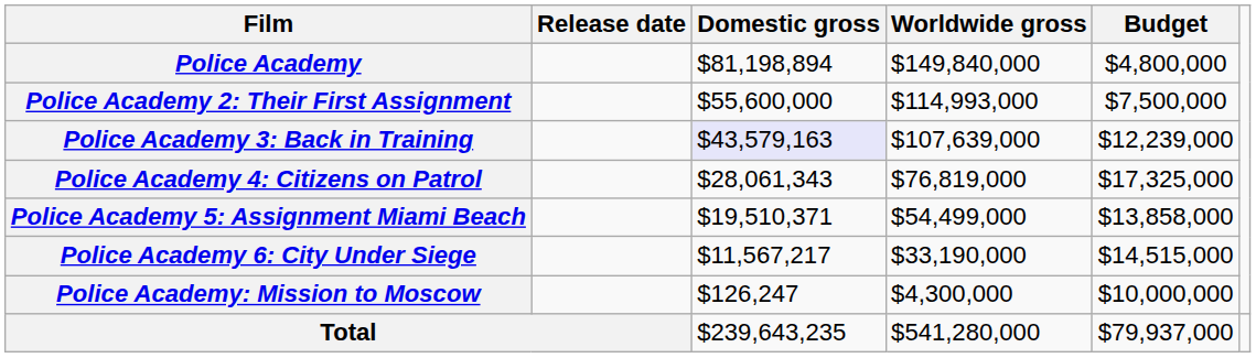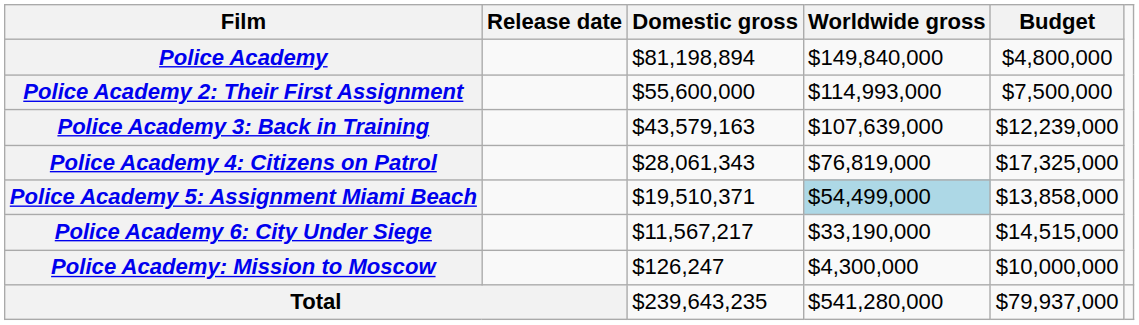 <table class="wikitable plainrowheaders">
 <tr>
 <th scope="col" style="text-align:center;">Film</th>
 <th scope="col" style="text-align:center;">Release date</th>
 <th scope="col" style="text-align:center;">Domestic gross</th>
 <th scope="col" style="text-align:center;">Worldwide gross</th>
 <th scope="col" style="text-align:center;">Budget</th>
 </tr>
 <tr>
 <th scope="row"><em><a href='#'>Police Academy</a></em></th>
 <td></td>
 <td>$81,198,894</td>
 <td>$149,840,000</td>
 <td style="text-align:center;">$4,800,000</td>
 </tr>
 <tr>
 <th scope="row"><em><a href='#'>Police Academy 2: Their First Assignment</a></em></th>
 <td></td>
 <td>$55,600,000</td>
 <td>$114,993,000</td>
 <td style="text-align:center;">$7,500,000</td>
 </tr>
 <tr>
 <th scope="row"><em><a href='#'>Police Academy 3: Back in Training</a></em></th>
 <td></td>
-<td style="background: lavender;">$43,579,163</td>
+<td>$43,579,163</td>
 <td>$107,639,000</td>
 <td style="text-align:center;">$12,239,000</td>
 </tr>
 <tr>
 <th scope="row"><em><a href='#'>Police Academy 4: Citizens on Patrol</a></em></th>
 <td></td>
 <td>$28,061,343</td>
 <td>$76,819,000</td>
 <td style="text-align:center;">$17,325,000</td>
 </tr>
 <tr>
 <th scope="row"><em><a href='#'>Police Academy 5: Assignment Miami Beach</a></em></th>
 <td></td>
 <td>$19,510,371</td>
-<td>$54,499,000</td>
+<td style="background: lightblue;">$54,499,000</td>
 <td style="text-align:center;">$13,858,000</td>
 </tr>
 <tr>
 <th scope="row"><em><a href='#'>Police Academy 6: City Under Siege</a></em></th>
 <td></td>
 <td>$11,567,217</td>
 <td>$33,190,000</td>
 <td style="text-align:center;">$14,515,000</td>
 </tr>
 <tr>
 <th scope="row"><em><a href='#'>Police Academy: Mission to Moscow</a></em></th>
 <td></td>
 <td>$126,247</td>
 <td>$4,300,000</td>
 <td style="text-align:center;">$10,000,000</td>
 </tr>
 <tr>
 <th scope="row" colspan="2" style="text-align:center;">Total</th>
 <td>$239,643,235</td>
 <td>$541,280,000</td>
 <td>$79,937,000</td>
 <td></td>
 </tr>
 </table>
